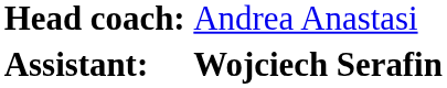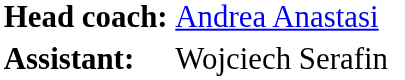 <table>
 <tr>
 <td><strong>Head coach:</strong></td>
 <td> <a href='#'>Andrea Anastasi</a></td>
 </tr>
 <tr>
 <td><strong>Assistant:</strong></td>
-<td><strong> Wojciech Serafin</strong></td>
+<td> Wojciech Serafin</td>
 </tr>
 <tr>
 </tr>
 </table>
